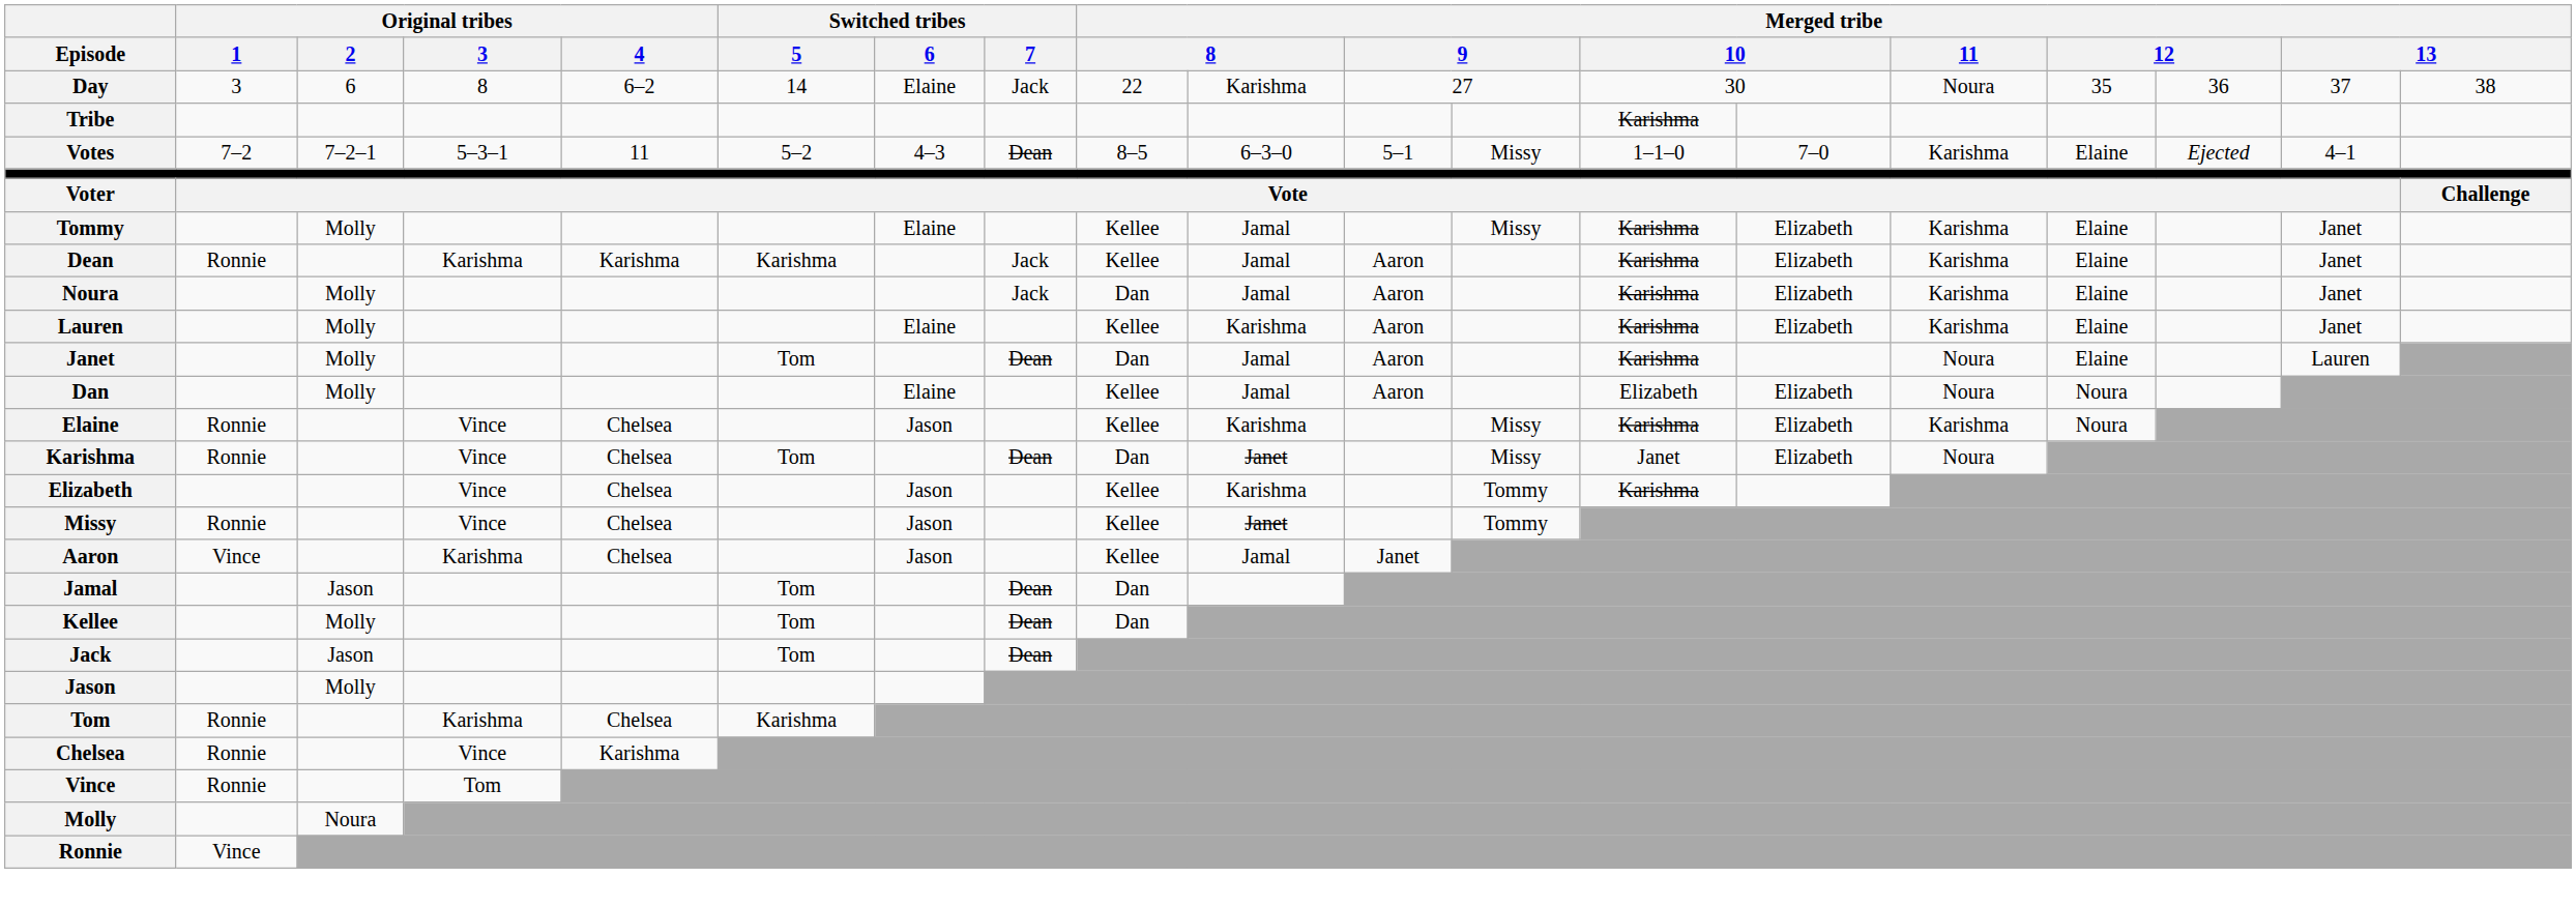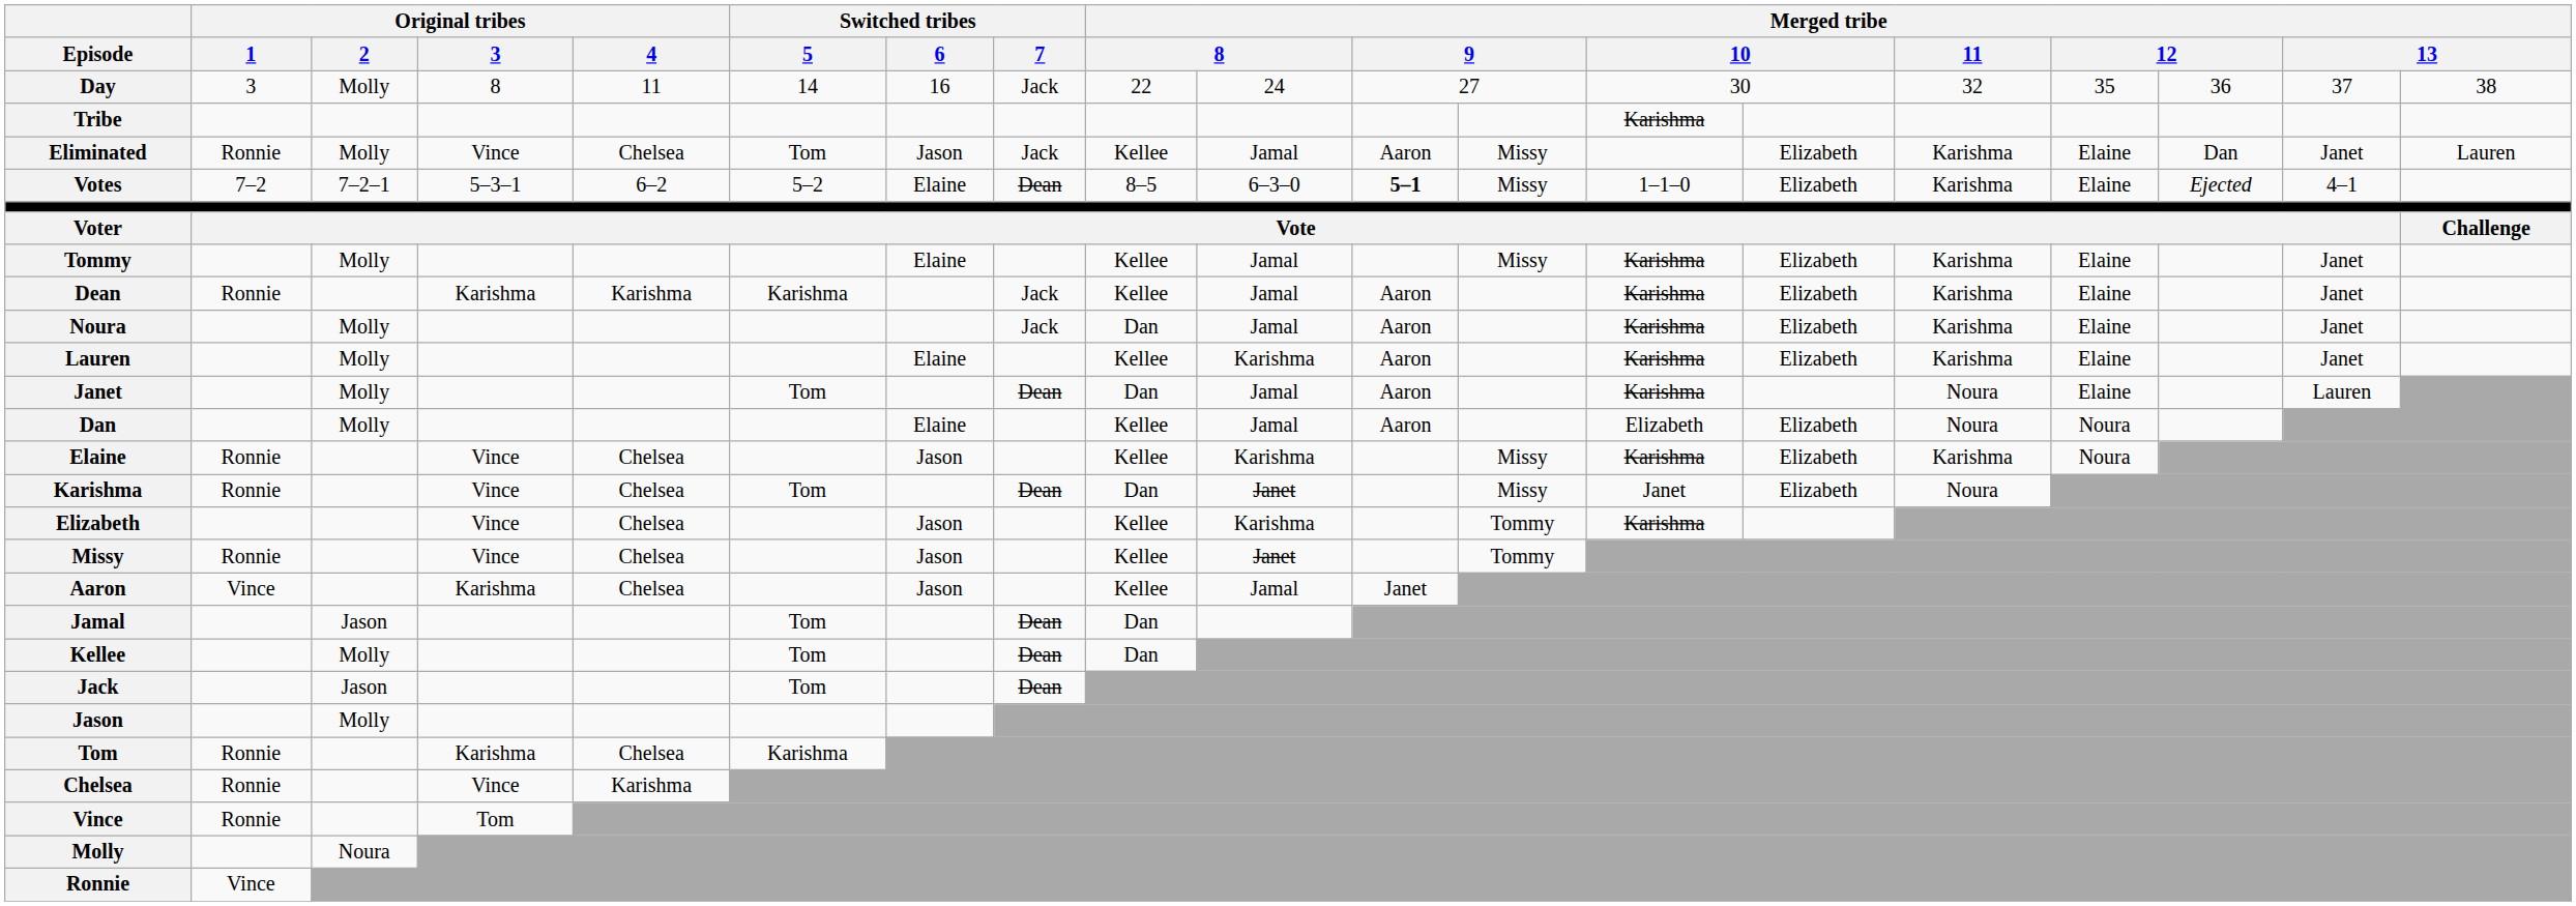 <table class="wikitable nowrap" width=100% style="text-align:center;">
 <tr>
 <th></th>
 <th colspan="4">Original tribes</th>
 <th colspan="3">Switched tribes</th>
 <th colspan="11">Merged tribe</th>
 </tr>
 <tr>
 <th>Episode</th>
 <th><a href='#'>1</a></th>
 <th><a href='#'>2</a></th>
 <th><a href='#'>3</a></th>
 <th><a href='#'>4</a></th>
 <th><a href='#'>5</a></th>
 <th><a href='#'>6</a></th>
 <th><a href='#'>7</a></th>
 <th colspan="2"><a href='#'>8</a></th>
 <th colspan="2"><a href='#'>9</a></th>
 <th colspan="2"><a href='#'>10</a></th>
 <th><a href='#'>11</a></th>
 <th colspan="2"><a href='#'>12</a></th>
 <th colspan="2"><a href='#'>13</a></th>
 </tr>
 <tr>
 <th>Day</th>
 <td>3</td>
-<td>6</td>
+<td>Molly</td>
 <td>8</td>
-<td>6–2</td>
+<td>11</td>
 <td>14</td>
-<td>Elaine</td>
+<td>16</td>
 <td>Jack</td>
 <td>22</td>
-<td>Karishma</td>
+<td>24</td>
 <td colspan="2">27</td>
 <td colspan="2">30</td>
-<td>Noura</td>
+<td>32</td>
 <td>35</td>
 <td>36</td>
 <td>37</td>
 <td>38</td>
 </tr>
 <tr>
 <th>Tribe</th>
 <td></td>
 <td></td>
 <td></td>
 <td></td>
 <td></td>
 <td></td>
 <td></td>
 <td></td>
 <td></td>
 <td></td>
 <td></td>
 <td><s>Karishma</s></td>
 <td></td>
 <td></td>
 <td></td>
 <td></td>
 <td></td>
 </tr>
 <tr>
+<th>Eliminated</th>
+<td>Ronnie</td>
+<td>Molly</td>
+<td>Vince</td>
+<td>Chelsea</td>
+<td>Tom</td>
+<td>Jason</td>
+<td>Jack</td>
+<td>Kellee</td>
+<td>Jamal</td>
+<td>Aaron</td>
+<td>Missy</td>
+<td></td>
+<td>Elizabeth</td>
+<td>Karishma</td>
+<td>Elaine</td>
+<td>Dan</td>
+<td>Janet</td>
+<td>Lauren</td>
+</tr>
+<tr>
 <th>Votes</th>
 <td>7–2</td>
 <td>7–2–1</td>
 <td>5–3–1</td>
-<td>11</td>
+<td>6–2</td>
 <td>5–2</td>
-<td>4–3</td>
+<td>Elaine</td>
 <td><s>Dean</s></td>
 <td>8–5</td>
 <td>6–3–0</td>
-<td>5–1</td>
+<td><strong>5–1</strong></td>
 <td>Missy</td>
 <td>1–1–0</td>
-<td>7–0</td>
+<td>Elizabeth</td>
 <td>Karishma</td>
 <td>Elaine</td>
 <td><em>Ejected</em></td>
 <td>4–1</td>
 <td></td>
 </tr>
 <tr>
 <td colspan="19" bgcolor="black"></td>
 </tr>
 <tr>
 <th>Voter</th>
 <th colspan="17">Vote</th>
 <th>Challenge</th>
 </tr>
 <tr>
 <th>Tommy</th>
 <td></td>
 <td>Molly</td>
 <td></td>
 <td></td>
 <td></td>
 <td>Elaine</td>
 <td></td>
 <td>Kellee</td>
 <td>Jamal</td>
 <td></td>
 <td>Missy</td>
 <td><s>Karishma</s></td>
 <td>Elizabeth</td>
 <td>Karishma</td>
 <td>Elaine</td>
 <td></td>
 <td>Janet</td>
 <td></td>
 </tr>
 <tr>
 <th>Dean</th>
 <td>Ronnie</td>
 <td></td>
 <td>Karishma</td>
 <td>Karishma</td>
 <td>Karishma</td>
 <td></td>
 <td>Jack</td>
 <td>Kellee</td>
 <td>Jamal</td>
 <td>Aaron</td>
 <td></td>
 <td><s>Karishma</s></td>
 <td>Elizabeth</td>
 <td>Karishma</td>
 <td>Elaine</td>
 <td></td>
 <td>Janet</td>
 <td></td>
 </tr>
 <tr>
 <th>Noura</th>
 <td></td>
 <td>Molly</td>
 <td></td>
 <td></td>
 <td></td>
 <td></td>
 <td>Jack</td>
 <td>Dan</td>
 <td>Jamal</td>
 <td>Aaron</td>
 <td></td>
 <td><s>Karishma</s></td>
 <td>Elizabeth</td>
 <td>Karishma</td>
 <td>Elaine</td>
 <td></td>
 <td>Janet</td>
 <td></td>
 </tr>
 <tr>
 <th>Lauren</th>
 <td></td>
 <td>Molly</td>
 <td></td>
 <td></td>
 <td></td>
 <td>Elaine</td>
 <td></td>
 <td>Kellee</td>
 <td>Karishma</td>
 <td>Aaron</td>
 <td></td>
 <td><s>Karishma</s></td>
 <td>Elizabeth</td>
 <td>Karishma</td>
 <td>Elaine</td>
 <td></td>
 <td>Janet</td>
 <td></td>
 </tr>
 <tr>
 <th>Janet</th>
 <td></td>
 <td>Molly</td>
 <td></td>
 <td></td>
 <td>Tom</td>
 <td></td>
 <td><s>Dean</s></td>
 <td>Dan</td>
 <td>Jamal</td>
 <td>Aaron</td>
 <td></td>
 <td><s>Karishma</s></td>
 <td></td>
 <td>Noura</td>
 <td>Elaine</td>
 <td></td>
 <td>Lauren</td>
 <td style="background:darkgrey;"></td>
 </tr>
 <tr>
 <th>Dan</th>
 <td></td>
 <td>Molly</td>
 <td></td>
 <td></td>
 <td></td>
 <td>Elaine</td>
 <td></td>
 <td>Kellee</td>
 <td>Jamal</td>
 <td>Aaron</td>
 <td></td>
 <td>Elizabeth</td>
 <td>Elizabeth</td>
 <td>Noura</td>
 <td>Noura</td>
 <td></td>
 <td colspan="2" style="background:darkgrey;"></td>
 </tr>
 <tr>
 <th>Elaine</th>
 <td>Ronnie</td>
 <td></td>
 <td>Vince</td>
 <td>Chelsea</td>
 <td></td>
 <td>Jason</td>
 <td></td>
 <td>Kellee</td>
 <td>Karishma</td>
 <td></td>
 <td>Missy</td>
 <td><s>Karishma</s></td>
 <td>Elizabeth</td>
 <td>Karishma</td>
 <td>Noura</td>
 <td colspan="3" style="background:darkgrey;"></td>
 </tr>
 <tr>
 <th>Karishma</th>
 <td>Ronnie</td>
 <td></td>
 <td>Vince</td>
 <td>Chelsea</td>
 <td>Tom</td>
 <td></td>
 <td><s>Dean</s></td>
 <td>Dan</td>
 <td><s>Janet</s></td>
 <td></td>
 <td>Missy</td>
 <td>Janet</td>
 <td>Elizabeth</td>
 <td>Noura</td>
 <td colspan="4" style="background:darkgrey;"></td>
 </tr>
 <tr>
 <th>Elizabeth</th>
 <td></td>
 <td></td>
 <td>Vince</td>
 <td>Chelsea</td>
 <td></td>
 <td>Jason</td>
 <td></td>
 <td>Kellee</td>
 <td>Karishma</td>
 <td></td>
 <td>Tommy</td>
 <td><s>Karishma</s></td>
 <td></td>
 <td colspan="5" style="background:darkgrey;"></td>
 </tr>
 <tr>
 <th>Missy</th>
 <td>Ronnie</td>
 <td></td>
 <td>Vince</td>
 <td>Chelsea</td>
 <td></td>
 <td>Jason</td>
 <td></td>
 <td>Kellee</td>
 <td><s>Janet</s></td>
 <td></td>
 <td>Tommy</td>
 <td colspan="7" style="background:darkgrey;"></td>
 </tr>
 <tr>
 <th>Aaron</th>
 <td>Vince</td>
 <td></td>
 <td>Karishma</td>
 <td>Chelsea</td>
 <td></td>
 <td>Jason</td>
 <td></td>
 <td>Kellee</td>
 <td>Jamal</td>
 <td>Janet</td>
 <td colspan="8" style="background:darkgrey;"></td>
 </tr>
 <tr>
 <th>Jamal</th>
 <td></td>
 <td>Jason</td>
 <td></td>
 <td></td>
 <td>Tom</td>
 <td></td>
 <td><s>Dean</s></td>
 <td>Dan</td>
 <td></td>
 <td colspan="9" style="background:darkgrey;"></td>
 </tr>
 <tr>
 <th>Kellee</th>
 <td></td>
 <td>Molly</td>
 <td></td>
 <td></td>
 <td>Tom</td>
 <td></td>
 <td><s>Dean</s></td>
 <td>Dan</td>
 <td colspan="10" style="background:darkgrey;"></td>
 </tr>
 <tr>
 <th>Jack</th>
 <td></td>
 <td>Jason</td>
 <td></td>
 <td></td>
 <td>Tom</td>
 <td></td>
 <td><s>Dean</s></td>
 <td colspan="11" style="background:darkgrey;"></td>
 </tr>
 <tr>
 <th>Jason</th>
 <td></td>
 <td>Molly</td>
 <td></td>
 <td></td>
 <td></td>
 <td></td>
 <td colspan="12" style="background:darkgrey;"></td>
 </tr>
 <tr>
 <th>Tom</th>
 <td>Ronnie</td>
 <td></td>
 <td>Karishma</td>
 <td>Chelsea</td>
 <td>Karishma</td>
 <td colspan="13" style="background:darkgrey;"></td>
 </tr>
 <tr>
 <th>Chelsea</th>
 <td>Ronnie</td>
 <td></td>
 <td>Vince</td>
 <td>Karishma</td>
 <td colspan="14" style="background:darkgrey;"></td>
 </tr>
 <tr>
 <th>Vince</th>
 <td>Ronnie</td>
 <td></td>
 <td>Tom</td>
 <td colspan="15" style="background:darkgrey;"></td>
 </tr>
 <tr>
 <th>Molly</th>
 <td></td>
 <td>Noura</td>
 <td colspan="16" style="background:darkgrey;"></td>
 </tr>
 <tr>
 <th>Ronnie</th>
 <td>Vince</td>
 <td colspan="17" style="background:darkgrey;"></td>
 </tr>
 </table>
